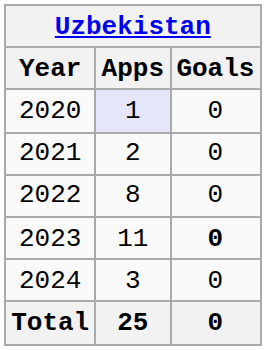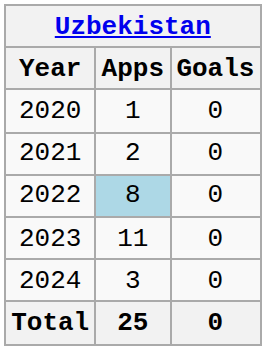 <table class="wikitable" style="text-align:center">
 <tr>
 <th colspan=3><a href='#'>Uzbekistan</a></th>
 </tr>
 <tr>
 <th>Year</th>
 <th>Apps</th>
 <th>Goals</th>
 </tr>
 <tr>
 <td>2020</td>
-<td style="background: lavender;">1</td>
+<td>1</td>
 <td>0</td>
 </tr>
 <tr>
 <td>2021</td>
 <td>2</td>
 <td>0</td>
 </tr>
 <tr>
 <td>2022</td>
-<td>8</td>
+<td style="background: lightblue;">8</td>
 <td>0</td>
 </tr>
 <tr>
 <td>2023</td>
 <td>11</td>
-<td><strong>0</strong></td>
+<td>0</td>
 </tr>
 <tr>
 <td>2024</td>
 <td>3</td>
 <td>0</td>
 </tr>
 <tr>
 <th>Total</th>
 <th>25</th>
 <th>0</th>
 </tr>
 </table>
